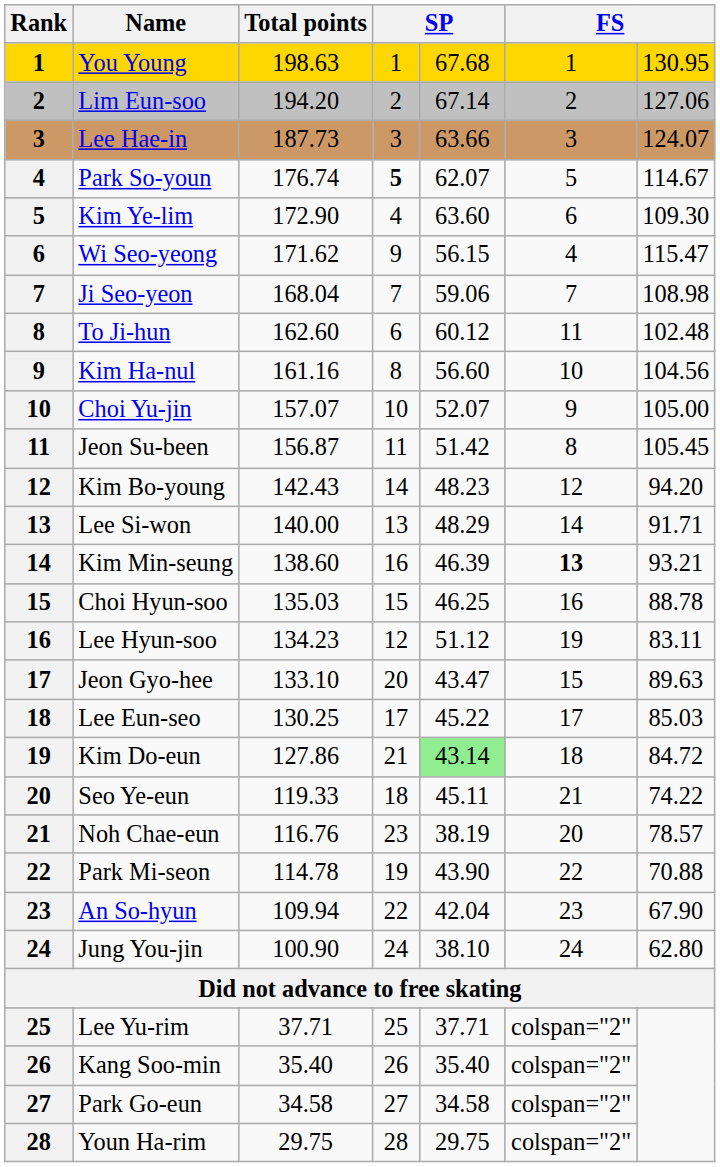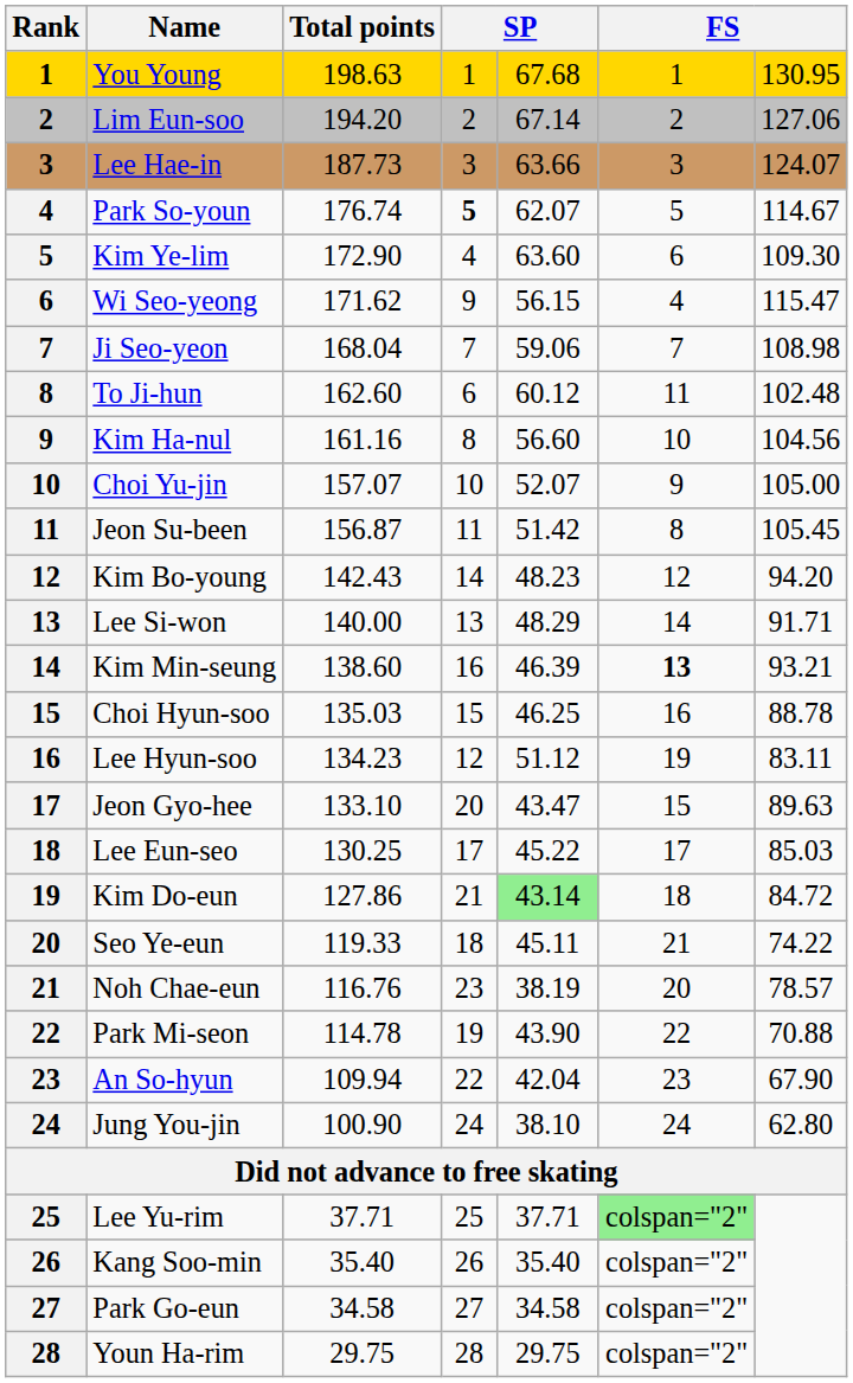 <table class="wikitable sortable">
 <tr>
 <th>Rank</th>
 <th>Name</th>
 <th>Total points</th>
 <th colspan="2" width="80px"><a href='#'>SP</a></th>
 <th colspan="2" width="80px"><a href='#'>FS</a></th>
 </tr>
 <tr bgcolor="gold">
 <td align="center"><strong>1</strong></td>
 <td><a href='#'>You Young</a></td>
 <td align="center">198.63</td>
 <td align="center">1</td>
 <td align="center">67.68</td>
 <td align="center">1</td>
 <td align="center">130.95</td>
 </tr>
 <tr bgcolor="silver">
 <td align="center"><strong>2</strong></td>
 <td><a href='#'>Lim Eun-soo</a></td>
 <td align="center">194.20</td>
 <td align="center">2</td>
 <td align="center">67.14</td>
 <td align="center">2</td>
 <td align="center">127.06</td>
 </tr>
 <tr bgcolor="cc9966">
 <td align="center"><strong>3</strong></td>
 <td><a href='#'>Lee Hae-in</a></td>
 <td align="center">187.73</td>
 <td align="center">3</td>
 <td align="center">63.66</td>
 <td align="center">3</td>
 <td align="center">124.07</td>
 </tr>
 <tr>
 <th>4</th>
 <td><a href='#'>Park So-youn</a></td>
 <td align="center">176.74</td>
 <td align="center"><strong>5</strong></td>
 <td align="center">62.07</td>
 <td align="center">5</td>
 <td align="center">114.67</td>
 </tr>
 <tr>
 <th>5</th>
 <td><a href='#'>Kim Ye-lim</a></td>
 <td align="center">172.90</td>
 <td align="center">4</td>
 <td align="center">63.60</td>
 <td align="center">6</td>
 <td align="center">109.30</td>
 </tr>
 <tr>
 <th>6</th>
 <td><a href='#'>Wi Seo-yeong</a></td>
 <td align="center">171.62</td>
 <td align="center">9</td>
 <td align="center">56.15</td>
 <td align="center">4</td>
 <td align="center">115.47</td>
 </tr>
 <tr>
 <th>7</th>
 <td><a href='#'>Ji Seo-yeon</a></td>
 <td align="center">168.04</td>
 <td align="center">7</td>
 <td align="center">59.06</td>
 <td align="center">7</td>
 <td align="center">108.98</td>
 </tr>
 <tr>
 <th>8</th>
 <td><a href='#'>To Ji-hun</a></td>
 <td align="center">162.60</td>
 <td align="center">6</td>
 <td align="center">60.12</td>
 <td align="center">11</td>
 <td align="center">102.48</td>
 </tr>
 <tr>
 <th>9</th>
 <td><a href='#'>Kim Ha-nul</a></td>
 <td align="center">161.16</td>
 <td align="center">8</td>
 <td align="center">56.60</td>
 <td align="center">10</td>
 <td align="center">104.56</td>
 </tr>
 <tr>
 <th>10</th>
 <td><a href='#'>Choi Yu-jin</a></td>
 <td align="center">157.07</td>
 <td align="center">10</td>
 <td align="center">52.07</td>
 <td align="center">9</td>
 <td align="center">105.00</td>
 </tr>
 <tr>
 <th>11</th>
 <td>Jeon Su-been</td>
 <td align="center">156.87</td>
 <td align="center">11</td>
 <td align="center">51.42</td>
 <td align="center">8</td>
 <td align="center">105.45</td>
 </tr>
 <tr>
 <th>12</th>
 <td>Kim Bo-young</td>
 <td align="center">142.43</td>
 <td align="center">14</td>
 <td align="center">48.23</td>
 <td align="center">12</td>
 <td align="center">94.20</td>
 </tr>
 <tr>
 <th>13</th>
 <td>Lee Si-won</td>
 <td align="center">140.00</td>
 <td align="center">13</td>
 <td align="center">48.29</td>
 <td align="center">14</td>
 <td align="center">91.71</td>
 </tr>
 <tr>
 <th>14</th>
 <td>Kim Min-seung</td>
 <td align="center">138.60</td>
 <td align="center">16</td>
 <td align="center">46.39</td>
 <td align="center"><strong>13</strong></td>
 <td align="center">93.21</td>
 </tr>
 <tr>
 <th>15</th>
 <td>Choi Hyun-soo</td>
 <td align="center">135.03</td>
 <td align="center">15</td>
 <td align="center">46.25</td>
 <td align="center">16</td>
 <td align="center">88.78</td>
 </tr>
 <tr>
 <th>16</th>
 <td>Lee Hyun-soo</td>
 <td align="center">134.23</td>
 <td align="center">12</td>
 <td align="center">51.12</td>
 <td align="center">19</td>
 <td align="center">83.11</td>
 </tr>
 <tr>
 <th>17</th>
 <td>Jeon Gyo-hee</td>
 <td align="center">133.10</td>
 <td align="center">20</td>
 <td align="center">43.47</td>
 <td align="center">15</td>
 <td align="center">89.63</td>
 </tr>
 <tr>
 <th>18</th>
 <td>Lee Eun-seo</td>
 <td align="center">130.25</td>
 <td align="center">17</td>
 <td align="center">45.22</td>
 <td align="center">17</td>
 <td align="center">85.03</td>
 </tr>
 <tr>
 <th>19</th>
 <td>Kim Do-eun</td>
 <td align="center">127.86</td>
 <td align="center">21</td>
 <td align="center" style="background: lightgreen;">43.14</td>
 <td align="center">18</td>
 <td align="center">84.72</td>
 </tr>
 <tr>
 <th>20</th>
 <td>Seo Ye-eun</td>
 <td align="center">119.33</td>
 <td align="center">18</td>
 <td align="center">45.11</td>
 <td align="center">21</td>
 <td align="center">74.22</td>
 </tr>
 <tr>
 <th>21</th>
 <td>Noh Chae-eun</td>
 <td align="center">116.76</td>
 <td align="center">23</td>
 <td align="center">38.19</td>
 <td align="center">20</td>
 <td align="center">78.57</td>
 </tr>
 <tr>
 <th>22</th>
 <td>Park Mi-seon</td>
 <td align="center">114.78</td>
 <td align="center">19</td>
 <td align="center">43.90</td>
 <td align="center">22</td>
 <td align="center">70.88</td>
 </tr>
 <tr>
 <th>23</th>
 <td><a href='#'>An So-hyun</a></td>
 <td align="center">109.94</td>
 <td align="center">22</td>
 <td align="center">42.04</td>
 <td align="center">23</td>
 <td align="center">67.90</td>
 </tr>
 <tr>
 <th>24</th>
 <td>Jung You-jin</td>
 <td align="center">100.90</td>
 <td align="center">24</td>
 <td align="center">38.10</td>
 <td align="center">24</td>
 <td align="center">62.80</td>
 </tr>
 <tr>
 <th colspan="7">Did not advance to free skating</th>
 </tr>
 <tr>
 <th>25</th>
 <td>Lee Yu-rim</td>
 <td align="center">37.71</td>
 <td align="center">25</td>
 <td align="center">37.71</td>
-<td>colspan="2" </td>
+<td style="background: lightgreen;">colspan="2" </td>
 </tr>
 <tr>
 <th>26</th>
 <td>Kang Soo-min</td>
 <td align="center">35.40</td>
 <td align="center">26</td>
 <td align="center">35.40</td>
 <td>colspan="2" </td>
 </tr>
 <tr>
 <th>27</th>
 <td>Park Go-eun</td>
 <td align="center">34.58</td>
 <td align="center">27</td>
 <td align="center">34.58</td>
 <td>colspan="2" </td>
 </tr>
 <tr>
 <th>28</th>
 <td>Youn Ha-rim</td>
 <td align="center">29.75</td>
 <td align="center">28</td>
 <td align="center">29.75</td>
 <td>colspan="2" </td>
 </tr>
 </table>
